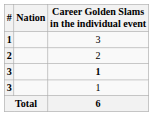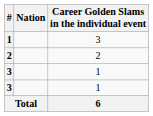 <table class="wikitable sortable" style="text-align: center;">
 <tr>
 <th>#</th>
 <th>Nation</th>
 <th>Career Golden Slams<br>in the individual event</th>
 </tr>
 <tr>
 <th>1</th>
 <td></td>
 <td>3</td>
 </tr>
 <tr>
 <th>2</th>
 <td></td>
 <td>2</td>
 </tr>
 <tr>
 <th>3</th>
 <td></td>
-<td><strong>1</strong></td>
+<td>1</td>
 </tr>
 <tr>
 <th>3</th>
 <td></td>
 <td>1 </td>
 </tr>
 <tr class="sortbottom">
 <th colspan="2">Total</th>
 <th>6</th>
 </tr>
 </table>
